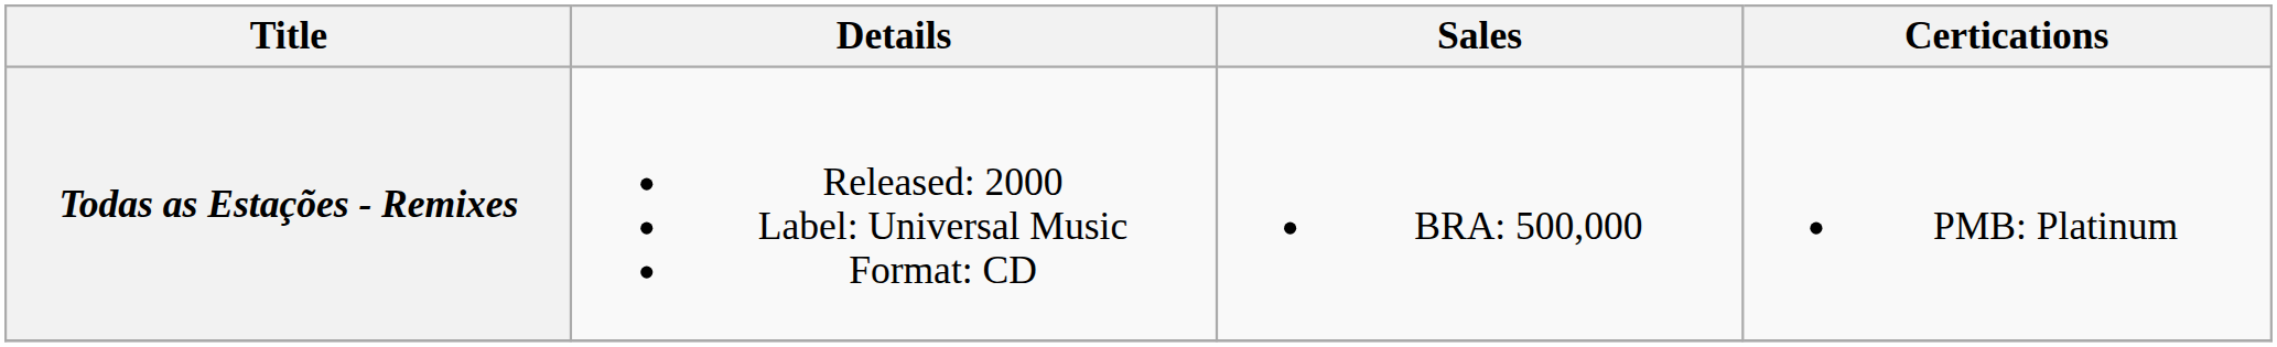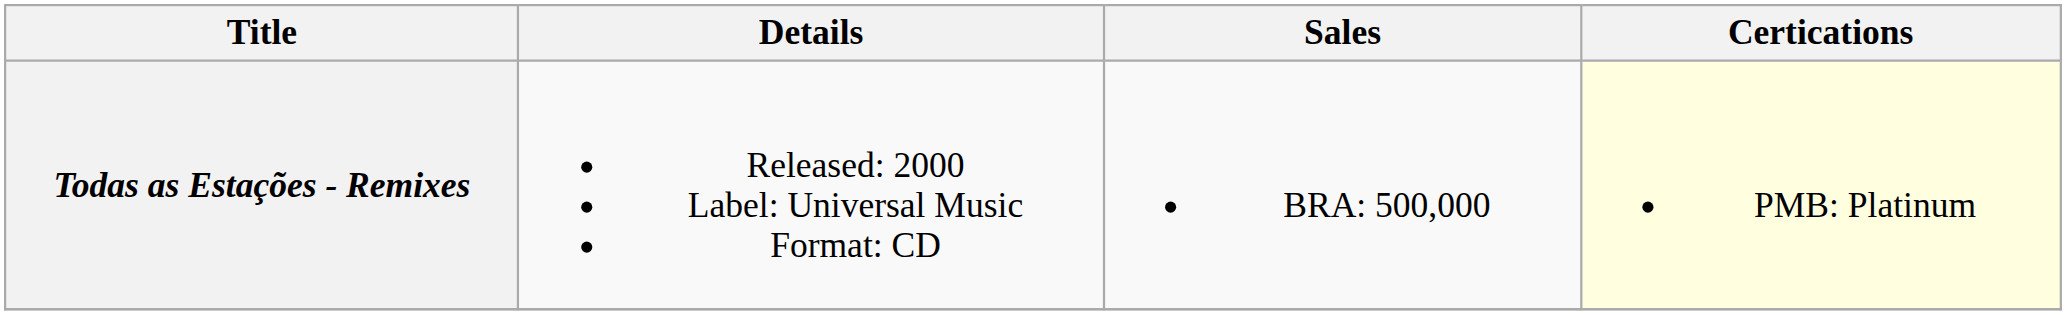 <table class="wikitable plainrowheaders" style="text-align:center;">
 <tr>
 <th scope="col" style="width:14em;">Title</th>
 <th scope="col" style="width:16em;">Details</th>
 <th scope="col" style="width:13em;">Sales</th>
 <th scope="col" style="width:13em;">Certications</th>
 </tr>
 <tr>
 <th scope="row"><em>Todas as Estações - Remixes</em></th>
 <td><br><ul><li>Released: 2000</li><li>Label: Universal Music</li><li>Format: CD</li></ul></td>
 <td><br><ul><li>BRA: 500,000</li></ul></td>
-<td><br><ul><li>PMB: Platinum</li></ul></td>
+<td style="background: lightyellow;"><br><ul><li>PMB: Platinum</li></ul></td>
 </tr>
 <tr>
 </tr>
 </table>
